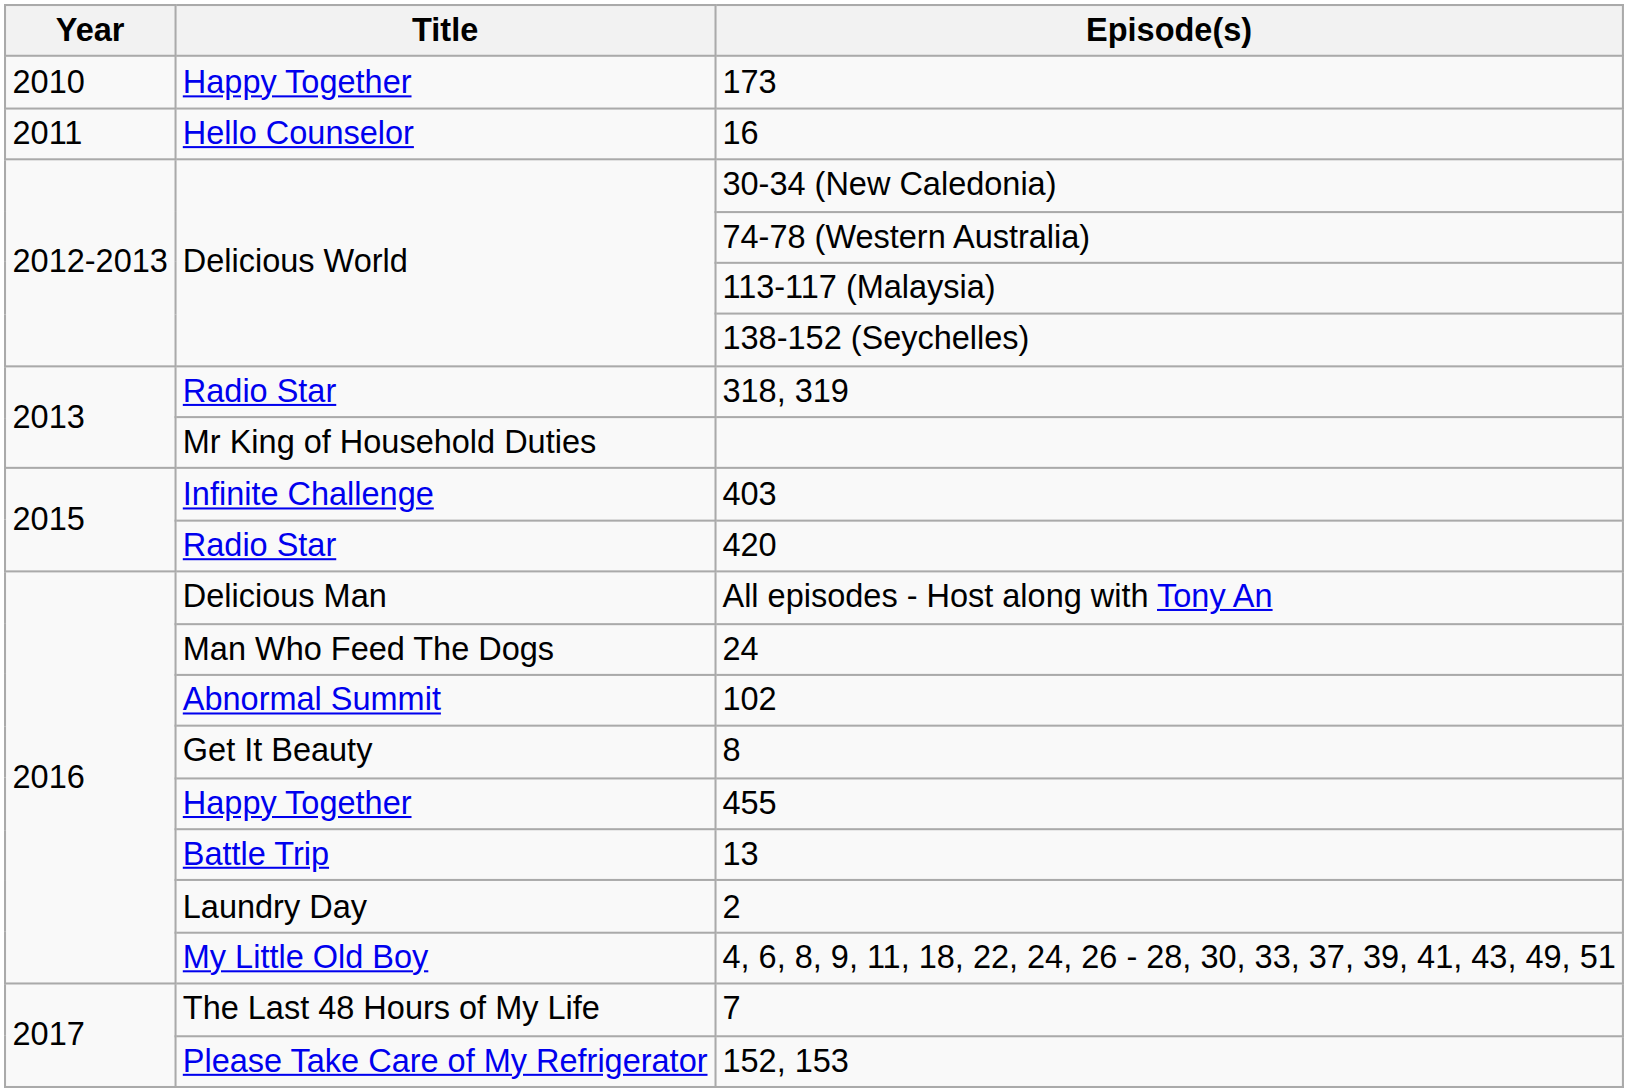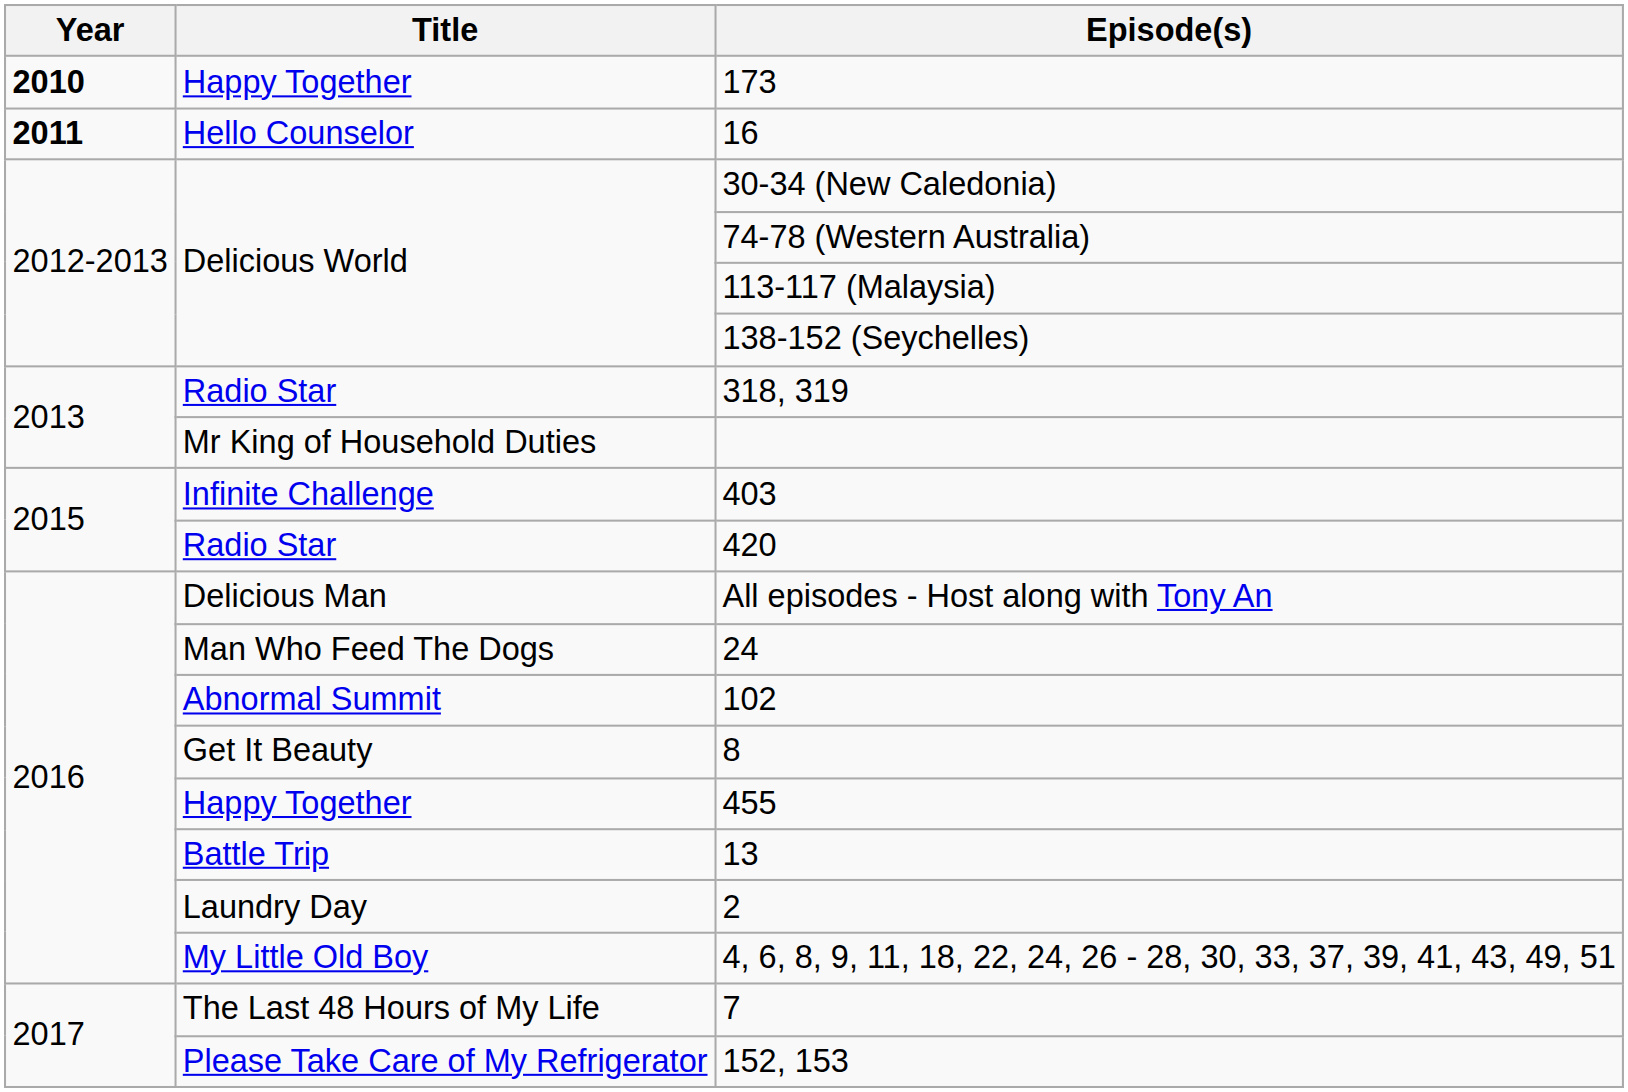 <table class="wikitable sortable">
 <tr>
 <th>Year</th>
 <th>Title</th>
 <th>Episode(s)</th>
 </tr>
 <tr>
-<td>2010</td>
+<td><strong>2010</strong></td>
 <td><a href='#'>Happy Together</a></td>
 <td>173</td>
 </tr>
 <tr>
-<td>2011</td>
+<td><strong>2011</strong></td>
 <td><a href='#'>Hello Counselor</a></td>
 <td>16</td>
 </tr>
 <tr>
 <td rowspan="4">2012-2013</td>
 <td rowspan="4">Delicious World</td>
 <td>30-34 (New Caledonia)</td>
 </tr>
 <tr>
 <td>74-78 (Western Australia)</td>
 </tr>
 <tr>
 <td>113-117 (Malaysia)</td>
 </tr>
 <tr>
 <td>138-152 (Seychelles)</td>
 </tr>
 <tr>
 <td rowspan="2">2013</td>
 <td><a href='#'>Radio Star</a></td>
 <td>318, 319</td>
 </tr>
 <tr>
 <td>Mr King of Household Duties</td>
 <td></td>
 </tr>
 <tr>
 <td rowspan="2">2015</td>
 <td><a href='#'>Infinite Challenge</a></td>
 <td>403</td>
 </tr>
 <tr>
 <td><a href='#'>Radio Star</a></td>
 <td>420</td>
 </tr>
 <tr>
 <td rowspan="8">2016</td>
 <td>Delicious Man</td>
 <td>All episodes - Host along with <a href='#'>Tony An</a></td>
 </tr>
 <tr>
 <td>Man Who Feed The Dogs</td>
 <td>24</td>
 </tr>
 <tr>
 <td><a href='#'>Abnormal Summit</a></td>
 <td>102</td>
 </tr>
 <tr>
 <td>Get It Beauty</td>
 <td>8</td>
 </tr>
 <tr>
 <td><a href='#'>Happy Together</a></td>
 <td>455</td>
 </tr>
 <tr>
 <td><a href='#'>Battle Trip</a></td>
 <td>13</td>
 </tr>
 <tr>
 <td>Laundry Day</td>
 <td>2</td>
 </tr>
 <tr>
 <td><a href='#'>My Little Old Boy</a></td>
 <td>4, 6, 8, 9, 11, 18, 22, 24, 26 - 28, 30, 33, 37, 39, 41, 43, 49, 51</td>
 </tr>
 <tr>
 <td rowspan="2">2017</td>
 <td>The Last 48 Hours of My Life</td>
 <td>7</td>
 </tr>
 <tr>
 <td><a href='#'>Please Take Care of My Refrigerator</a></td>
 <td>152, 153</td>
 </tr>
 <tr>
 </tr>
 </table>
